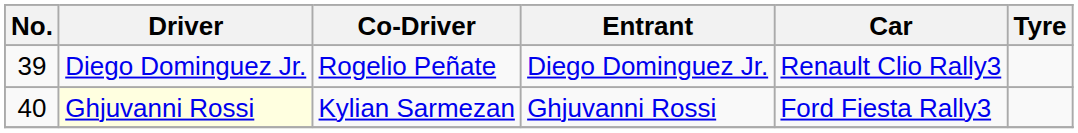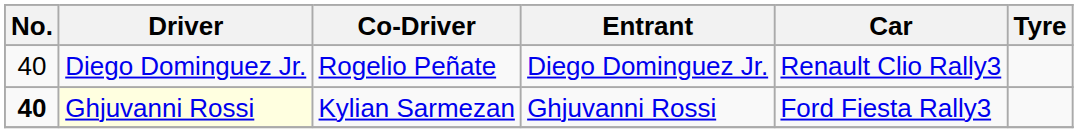 <table class="wikitable" style="font-size: 85%;">
 <tr>
 <th>No.</th>
 <th>Driver</th>
 <th>Co-Driver</th>
 <th>Entrant</th>
 <th>Car</th>
 <th>Tyre</th>
 </tr>
 <tr>
-<td align="center">39</td>
+<td align="center">40</td>
 <td> <a href='#'>Diego Dominguez Jr.</a></td>
 <td> <a href='#'>Rogelio Peñate</a></td>
 <td> <a href='#'>Diego Dominguez Jr.</a></td>
 <td><a href='#'>Renault Clio Rally3</a></td>
 <td align="center"></td>
 </tr>
 <tr>
-<td align="center">40</td>
+<td align="center"><strong>40</strong></td>
 <td style="background: lightyellow;"> <a href='#'>Ghjuvanni Rossi</a></td>
 <td> <a href='#'>Kylian Sarmezan</a></td>
 <td> <a href='#'>Ghjuvanni Rossi</a></td>
 <td><a href='#'>Ford Fiesta Rally3</a></td>
 <td align="center"></td>
 </tr>
 <tr>
 </tr>
 </table>
